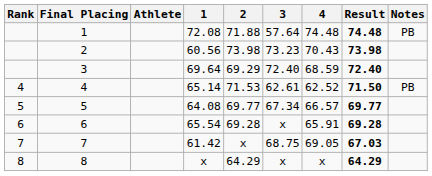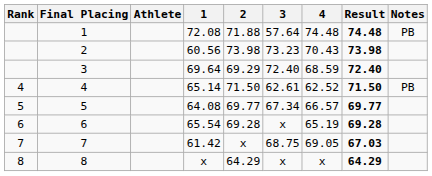 <table class="wikitable sortable" style="text-align:center">
 <tr>
 <th>Rank</th>
 <th>Final Placing</th>
 <th>Athlete</th>
 <th>1</th>
 <th>2</th>
 <th>3</th>
 <th>4</th>
 <th>Result</th>
 <th>Notes</th>
 </tr>
 <tr>
 <td></td>
 <td>1</td>
 <td align=left></td>
 <td>72.08</td>
 <td>71.88</td>
 <td>57.64</td>
 <td>74.48</td>
 <td><strong>74.48</strong></td>
 <td>PB</td>
 </tr>
 <tr>
 <td></td>
 <td>2</td>
 <td align=left></td>
 <td>60.56</td>
 <td>73.98</td>
 <td>73.23</td>
 <td>70.43</td>
 <td><strong>73.98</strong></td>
 <td></td>
 </tr>
 <tr>
 <td></td>
 <td>3</td>
 <td align=left></td>
 <td>69.64</td>
 <td>69.29</td>
 <td>72.40</td>
 <td>68.59</td>
 <td><strong>72.40</strong></td>
 <td></td>
 </tr>
 <tr>
 <td>4</td>
 <td>4</td>
 <td align=left></td>
 <td>65.14</td>
-<td>71.53</td>
+<td>71.50</td>
 <td>62.61</td>
 <td>62.52</td>
 <td><strong>71.50</strong></td>
 <td>PB</td>
 </tr>
 <tr>
 <td>5</td>
 <td>5</td>
 <td align=left></td>
 <td>64.08</td>
 <td>69.77</td>
 <td>67.34</td>
 <td>66.57</td>
 <td><strong>69.77</strong></td>
 <td></td>
 </tr>
 <tr>
 <td>6</td>
 <td>6</td>
 <td align=left></td>
 <td>65.54</td>
 <td>69.28</td>
 <td>x</td>
-<td>65.91</td>
+<td>65.19</td>
 <td><strong>69.28</strong></td>
 <td></td>
 </tr>
 <tr>
 <td>7</td>
 <td>7</td>
 <td align=left></td>
 <td>61.42</td>
 <td>x</td>
 <td>68.75</td>
 <td>69.05</td>
 <td><strong>67.03</strong></td>
 <td></td>
 </tr>
 <tr>
 <td>8</td>
 <td>8</td>
 <td align=left></td>
 <td>x</td>
 <td>64.29</td>
 <td>x</td>
 <td>x</td>
 <td><strong>64.29</strong></td>
 <td></td>
 </tr>
 </table>
